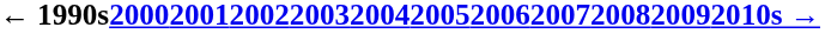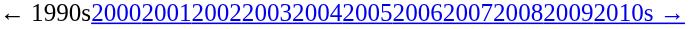 <table id=toc class=toc summary=Contents>
 <tr>
 <th></th>
 </tr>
 <tr>
-<td align=center><strong>← 1990s<a href='#'>2000</a><a href='#'>2001</a><a href='#'>2002</a><a href='#'>2003</a><a href='#'>2004</a><a href='#'>2005</a><a href='#'>2006</a><a href='#'>2007</a><a href='#'>2008</a><a href='#'>2009</a><a href='#'>2010s →</a></strong></td>
+<td align=center>← 1990s<a href='#'>2000</a><a href='#'>2001</a><a href='#'>2002</a><a href='#'>2003</a><a href='#'>2004</a><a href='#'>2005</a><a href='#'>2006</a><a href='#'>2007</a><a href='#'>2008</a><a href='#'>2009</a><a href='#'>2010s →</a></td>
 </tr>
 </table>
